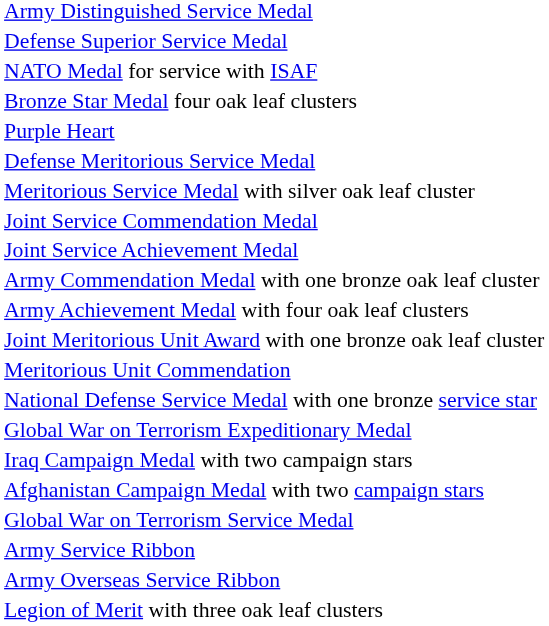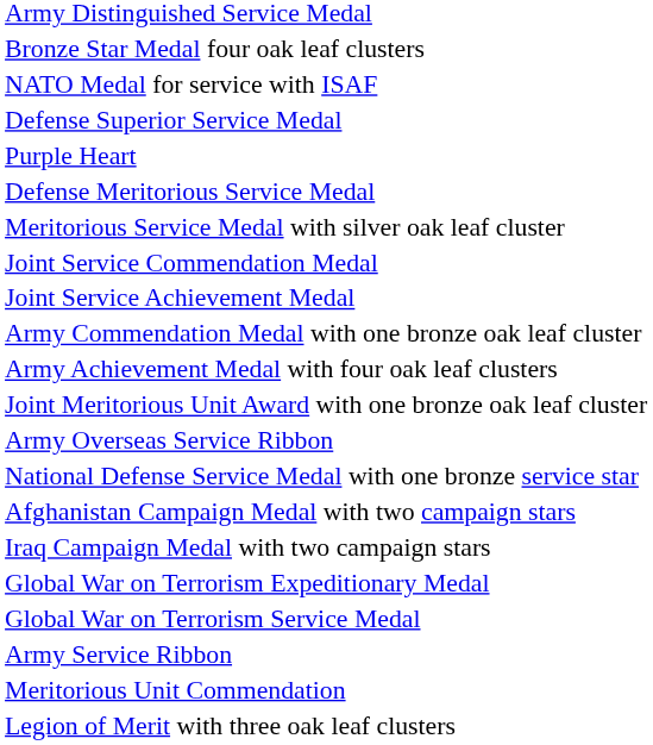 <table>
 <tr>
 <td> <a href='#'>Army Distinguished Service Medal</a></td>
 </tr>
 <tr>
-<td> <a href='#'>Defense Superior Service Medal</a></td>
+<td> <a href='#'>Bronze Star Medal</a>  four oak leaf clusters</td>
 </tr>
 <tr>
 <td> <a href='#'>NATO Medal</a> for service with <a href='#'>ISAF</a></td>
 </tr>
 <tr>
-<td> <a href='#'>Bronze Star Medal</a>  four oak leaf clusters</td>
+<td> <a href='#'>Defense Superior Service Medal</a></td>
 </tr>
 <tr>
 <td> <a href='#'>Purple Heart</a></td>
 </tr>
 <tr>
 <td> <a href='#'>Defense Meritorious Service Medal</a></td>
 </tr>
 <tr>
 <td> <a href='#'>Meritorious Service Medal</a> with silver oak leaf cluster</td>
 </tr>
 <tr>
 <td> <a href='#'>Joint Service Commendation Medal</a></td>
 </tr>
 <tr>
 <td><a href='#'>Joint Service Achievement Medal</a></td>
 </tr>
 <tr>
 <td> <a href='#'>Army Commendation Medal</a> with one bronze oak leaf cluster</td>
 </tr>
 <tr>
 <td> <a href='#'>Army Achievement Medal</a> with four oak leaf clusters</td>
 </tr>
 <tr>
 <td> <a href='#'>Joint Meritorious Unit Award</a> with one bronze oak leaf cluster</td>
 </tr>
 <tr>
-<td><a href='#'>Meritorious Unit Commendation</a></td>
+<td><a href='#'>Army Overseas Service Ribbon</a></td>
 </tr>
 <tr>
 <td> <a href='#'>National Defense Service Medal</a> with one bronze <a href='#'>service star</a></td>
 </tr>
 <tr>
-<td><a href='#'>Global War on Terrorism Expeditionary Medal</a></td>
+<td><span></span><span></span> <a href='#'>Afghanistan Campaign Medal</a> with two <a href='#'>campaign stars</a></td>
 </tr>
 <tr>
 <td><span></span><span></span> <a href='#'>Iraq Campaign Medal</a> with two campaign stars</td>
 </tr>
 <tr>
-<td><span></span><span></span> <a href='#'>Afghanistan Campaign Medal</a> with two <a href='#'>campaign stars</a></td>
+<td><a href='#'>Global War on Terrorism Expeditionary Medal</a></td>
 </tr>
 <tr>
 <td> <a href='#'>Global War on Terrorism Service Medal</a></td>
 </tr>
 <tr>
 <td> <a href='#'>Army Service Ribbon</a></td>
 </tr>
 <tr>
-<td><a href='#'>Army Overseas Service Ribbon</a></td>
+<td><a href='#'>Meritorious Unit Commendation</a></td>
 </tr>
 <tr>
 <td><a href='#'>Legion of Merit</a> with three oak leaf clusters</td>
 </tr>
 </table>
